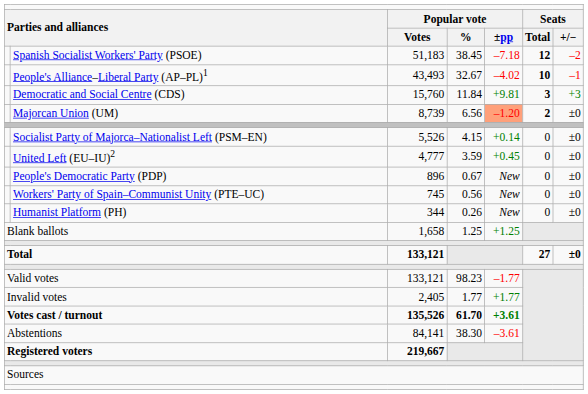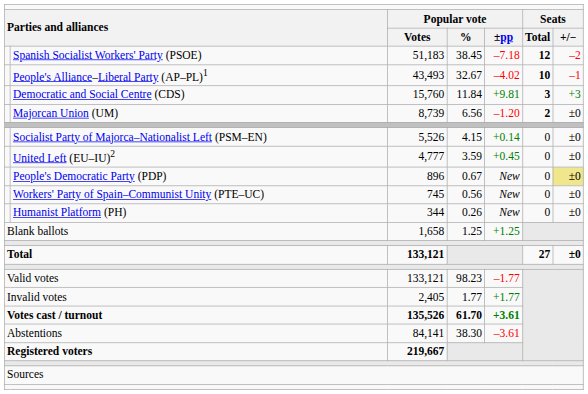 <table class="wikitable" style="text-align:right;">
 <tr>
 <td colspan="7"></td>
 </tr>
 <tr>
 <th style="text-align:left;" rowspan="2" colspan="2" width="525">Parties and alliances</th>
 <th colspan="3">Popular vote</th>
 <th colspan="2">Seats</th>
 </tr>
 <tr>
 <th width="75">Votes</th>
 <th width="45">%</th>
 <th width="45">±<a href='#'>pp</a></th>
 <th width="35">Total</th>
 <th width="35">+/−</th>
 </tr>
 <tr>
 <td width="1" style="color:inherit;background:"></td>
 <td align="left"><a href='#'>Spanish Socialist Workers' Party</a> (PSOE)</td>
 <td>51,183</td>
 <td>38.45</td>
 <td style="color:red;">–7.18</td>
 <td><strong>12</strong></td>
 <td style="color:red;">–2</td>
 </tr>
 <tr>
 <td style="color:inherit;background:"></td>
 <td align="left"><a href='#'>People's Alliance</a>–<a href='#'>Liberal Party</a> (AP–PL)<sup>1</sup></td>
 <td>43,493</td>
 <td>32.67</td>
 <td style="color:red;">–4.02</td>
 <td><strong>10</strong></td>
 <td style="color:red;">–1</td>
 </tr>
 <tr>
 <td style="color:inherit;background:"></td>
 <td align="left"><a href='#'>Democratic and Social Centre</a> (CDS)</td>
 <td>15,760</td>
 <td>11.84</td>
 <td style="color:green;">+9.81</td>
 <td><strong>3</strong></td>
 <td style="color:green;">+3</td>
 </tr>
 <tr>
 <td style="color:inherit;background:"></td>
 <td align="left"><a href='#'>Majorcan Union</a> (UM)</td>
 <td>8,739</td>
 <td>6.56</td>
-<td style="background: lightsalmon; color:red;">–1.20</td>
+<td style="color:red;">–1.20</td>
 <td><strong>2</strong></td>
 <td>±0</td>
 </tr>
 <tr>
 <td colspan="7" bgcolor="#C0C0C0"></td>
 </tr>
 <tr>
 <td style="color:inherit;background:"></td>
 <td align="left"><a href='#'>Socialist Party of Majorca–Nationalist Left</a> (PSM–EN)</td>
 <td>5,526</td>
 <td>4.15</td>
 <td style="color:green;">+0.14</td>
 <td>0</td>
 <td>±0</td>
 </tr>
 <tr>
 <td style="color:inherit;background:"></td>
 <td align="left"><a href='#'>United Left</a> (EU–IU)<sup>2</sup></td>
 <td>4,777</td>
 <td>3.59</td>
 <td style="color:green;">+0.45</td>
 <td>0</td>
 <td>±0</td>
 </tr>
 <tr>
 <td style="color:inherit;background:"></td>
 <td align="left"><a href='#'>People's Democratic Party</a> (PDP)</td>
 <td>896</td>
 <td>0.67</td>
 <td><em>New</em></td>
 <td>0</td>
-<td>±0</td>
+<td style="background: khaki;">±0</td>
 </tr>
 <tr>
 <td style="color:inherit;background:"></td>
 <td align="left"><a href='#'>Workers' Party of Spain–Communist Unity</a> (PTE–UC)</td>
 <td>745</td>
 <td>0.56</td>
 <td><em>New</em></td>
 <td>0</td>
 <td>±0</td>
 </tr>
 <tr>
 <td style="color:inherit;background:"></td>
 <td align="left"><a href='#'>Humanist Platform</a> (PH)</td>
 <td>344</td>
 <td>0.26</td>
 <td><em>New</em></td>
 <td>0</td>
 <td>±0</td>
 </tr>
 <tr>
 <td align="left" colspan="2">Blank ballots</td>
 <td>1,658</td>
 <td>1.25</td>
 <td style="color:green;">+1.25</td>
 <td bgcolor="#E9E9E9" colspan="2"></td>
 </tr>
 <tr>
 <td colspan="7" bgcolor="#E9E9E9"></td>
 </tr>
 <tr style="font-weight:bold;">
 <td align="left" colspan="2">Total</td>
 <td>133,121</td>
 <td bgcolor="#E9E9E9" colspan="2"></td>
 <td>27</td>
 <td>±0</td>
 </tr>
 <tr>
 <td colspan="7" bgcolor="#E9E9E9"></td>
 </tr>
 <tr>
 <td align="left" colspan="2">Valid votes</td>
 <td>133,121</td>
 <td>98.23</td>
 <td style="color:red;">–1.77</td>
 <td bgcolor="#E9E9E9" colspan="2" rowspan="5"></td>
 </tr>
 <tr>
 <td align="left" colspan="2">Invalid votes</td>
 <td>2,405</td>
 <td>1.77</td>
 <td style="color:green;">+1.77</td>
 </tr>
 <tr style="font-weight:bold;">
 <td align="left" colspan="2">Votes cast / turnout</td>
 <td>135,526</td>
 <td>61.70</td>
 <td style="color:green;">+3.61</td>
 </tr>
 <tr>
 <td align="left" colspan="2">Abstentions</td>
 <td>84,141</td>
 <td>38.30</td>
 <td style="color:red;">–3.61</td>
 </tr>
 <tr style="font-weight:bold;">
 <td align="left" colspan="2">Registered voters</td>
 <td>219,667</td>
 <td bgcolor="#E9E9E9" colspan="2"></td>
 </tr>
 <tr>
 <td colspan="7" bgcolor="#E9E9E9"></td>
 </tr>
 <tr>
 <td align="left" colspan="7">Sources</td>
 </tr>
 <tr>
 <td colspan="7" style="text-align:left; max-width:790px;"></td>
 </tr>
 </table>
